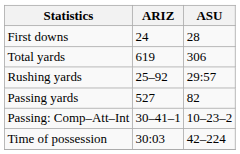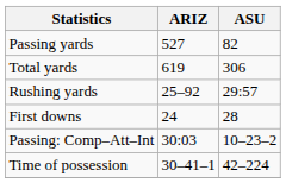 <table class="wikitable" style="float: left;">
 <tr>
 <th>Statistics</th>
 <th>ARIZ</th>
 <th>ASU</th>
 </tr>
 <tr>
-<td>First downs</td>
-<td>24</td>
-<td>28</td>
+<td>Passing yards</td>
+<td>527</td>
+<td>82</td>
 </tr>
 <tr>
 <td>Total yards</td>
 <td>619</td>
 <td>306</td>
 </tr>
 <tr>
 <td>Rushing yards</td>
 <td>25–92</td>
 <td>29:57</td>
 </tr>
 <tr>
-<td>Passing yards</td>
-<td>527</td>
-<td>82</td>
+<td>First downs</td>
+<td>24</td>
+<td>28</td>
 </tr>
 <tr>
 <td>Passing: Comp–Att–Int</td>
-<td>30–41–1</td>
+<td>30:03</td>
 <td>10–23–2</td>
 </tr>
 <tr>
 <td>Time of possession</td>
-<td>30:03</td>
+<td>30–41–1</td>
 <td>42–224</td>
 </tr>
 <tr>
 </tr>
 </table>
